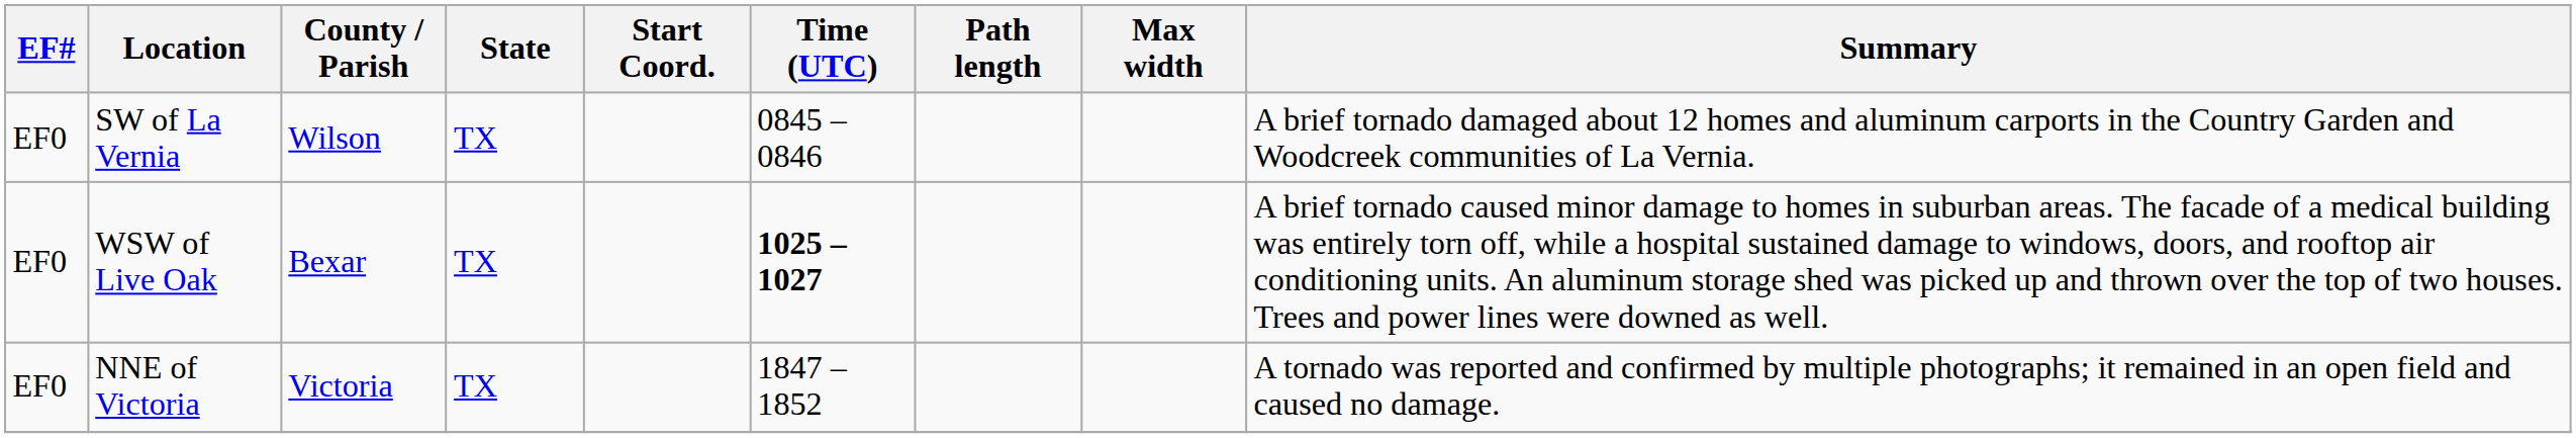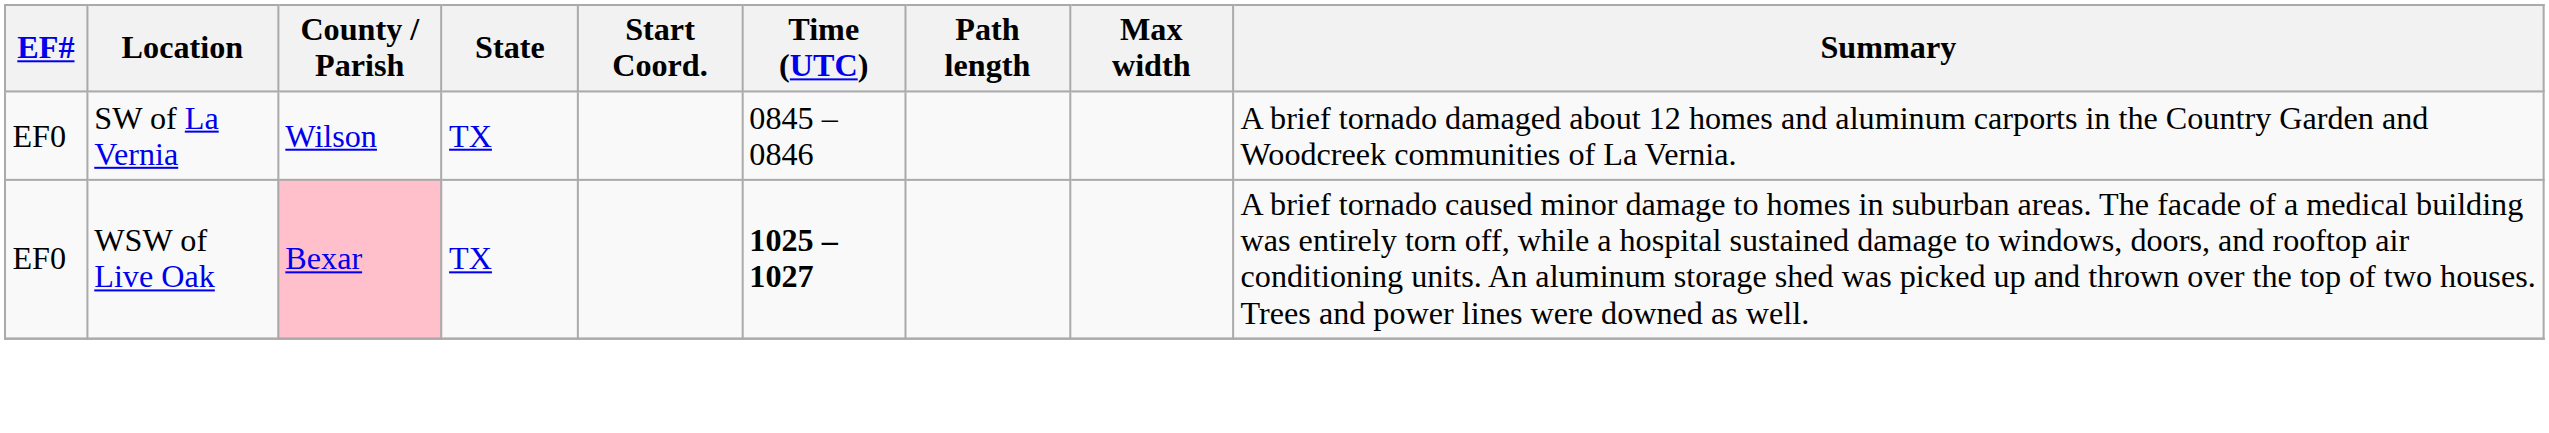 <table class="wikitable sortable" style="width:100%;">
 <tr>
 <th scope="col" width="3%" align="center"><a href='#'>EF#</a></th>
 <th scope="col" width="7%" align="center" class="unsortable">Location</th>
 <th scope="col" width="6%" align="center" class="unsortable">County / Parish</th>
 <th scope="col" width="5%" align="center">State</th>
 <th scope="col" width="6%" align="center">Start Coord.</th>
 <th scope="col" width="6%" align="center">Time (<a href='#'>UTC</a>)</th>
 <th scope="col" width="6%" align="center">Path length</th>
 <th scope="col" width="6%" align="center">Max width</th>
 <th scope="col" width="48%" class="unsortable" align="center">Summary</th>
 </tr>
 <tr>
 <td>EF0</td>
 <td>SW of <a href='#'>La Vernia</a></td>
 <td><a href='#'>Wilson</a></td>
 <td><a href='#'>TX</a></td>
 <td></td>
 <td>0845 – 0846</td>
 <td></td>
 <td></td>
 <td>A brief tornado damaged about 12 homes and aluminum carports in the Country Garden and Woodcreek communities of La Vernia.</td>
 </tr>
 <tr>
 <td>EF0</td>
 <td>WSW of <a href='#'>Live Oak</a></td>
-<td><a href='#'>Bexar</a></td>
+<td style="background: pink;"><a href='#'>Bexar</a></td>
 <td><a href='#'>TX</a></td>
 <td></td>
 <td><strong>1025 – 1027</strong></td>
 <td></td>
 <td></td>
 <td>A brief tornado caused minor damage to homes in suburban areas. The facade of a medical building was entirely torn off, while a hospital sustained damage to windows, doors, and rooftop air conditioning units. An aluminum storage shed was picked up and thrown over the top of two houses. Trees and power lines were downed as well.</td>
 </tr>
 <tr>
-<td>EF0</td>
-<td>NNE of <a href='#'>Victoria</a></td>
-<td><a href='#'>Victoria</a></td>
-<td><a href='#'>TX</a></td>
-<td></td>
-<td>1847 – 1852</td>
-<td></td>
-<td></td>
-<td>A tornado was reported and confirmed by multiple photographs; it remained in an open field and caused no damage.</td>
-</tr>
-<tr>
 </tr>
 </table>
